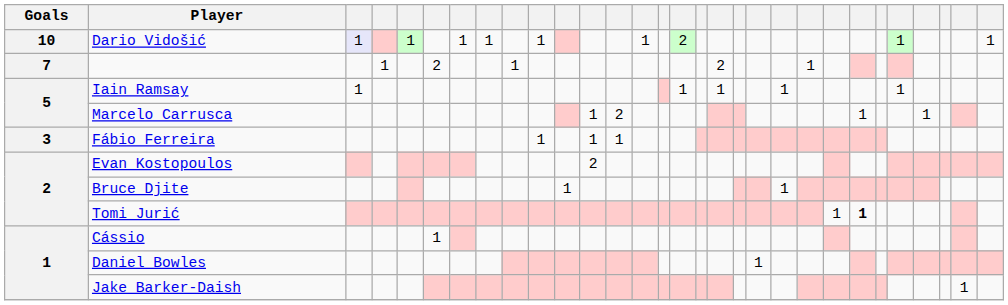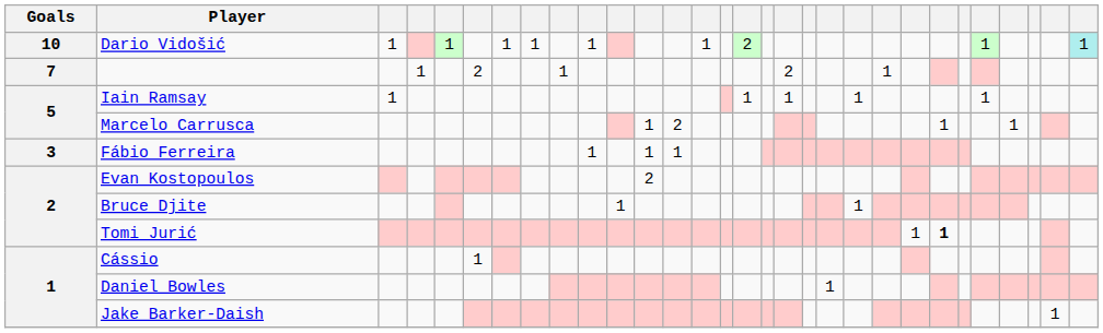 <table class="wikitable" style="text-align:center; font-size:90%;" width=800>
 <tr>
 <th>Goals</th>
 <th>Player</th>
 <th></th>
 <th></th>
 <th></th>
 <th></th>
 <th></th>
 <th></th>
 <th></th>
 <th></th>
 <th></th>
 <th></th>
 <th></th>
 <th></th>
 <th></th>
 <th></th>
 <th></th>
 <th></th>
 <th></th>
 <th></th>
 <th></th>
 <th></th>
 <th></th>
 <th></th>
 <th></th>
 <th></th>
 <th></th>
 <th></th>
 <th></th>
 <th></th>
 </tr>
 <tr>
 <th>10</th>
 <td align="left"> <a href='#'>Dario Vidošić</a></td>
-<td style="background: lavender;">1</td>
+<td>1</td>
 <td style="background:#fcc;"></td>
 <td style="background:#cfc;">1</td>
 <td></td>
 <td>1</td>
 <td>1</td>
 <td></td>
 <td>1</td>
 <td style="background:#fcc;"></td>
 <td></td>
 <td></td>
 <td>1</td>
 <td></td>
 <td style="background:#cfc;">2</td>
 <td></td>
 <td></td>
 <td></td>
 <td></td>
 <td></td>
 <td></td>
 <td></td>
 <td></td>
 <td></td>
 <td style="background:#cfc;">1</td>
 <td></td>
 <td></td>
 <td></td>
-<td>1</td>
+<td style="background: paleturquoise;">1</td>
 </tr>
 <tr>
 <th>7</th>
 <td align="left"></td>
 <td></td>
 <td>1</td>
 <td></td>
 <td>2</td>
 <td></td>
 <td></td>
 <td>1</td>
 <td></td>
 <td></td>
 <td></td>
 <td></td>
 <td></td>
 <td></td>
 <td></td>
 <td></td>
 <td>2</td>
 <td></td>
 <td></td>
 <td></td>
 <td>1</td>
 <td></td>
 <td style="background:#fcc;"></td>
 <td></td>
 <td style="background:#fcc;"></td>
 <td></td>
 <td></td>
 <td></td>
 <td></td>
 </tr>
 <tr>
 <th rowspan=2>5</th>
 <td align="left"> <a href='#'>Iain Ramsay</a></td>
 <td>1</td>
 <td></td>
 <td></td>
 <td></td>
 <td></td>
 <td></td>
 <td></td>
 <td></td>
 <td></td>
 <td></td>
 <td></td>
 <td></td>
 <td style="background:#fcc;"></td>
 <td>1</td>
 <td></td>
 <td>1</td>
 <td></td>
 <td></td>
 <td>1</td>
 <td></td>
 <td></td>
 <td></td>
 <td></td>
 <td>1</td>
 <td></td>
 <td></td>
 <td></td>
 <td></td>
 </tr>
 <tr>
 <td align="left"> <a href='#'>Marcelo Carrusca</a></td>
 <td></td>
 <td></td>
 <td></td>
 <td></td>
 <td></td>
 <td></td>
 <td></td>
 <td></td>
 <td style="background:#fcc;"></td>
 <td>1</td>
 <td>2</td>
 <td></td>
 <td></td>
 <td></td>
 <td></td>
 <td style="background:#fcc;"></td>
 <td style="background:#fcc;"></td>
 <td></td>
 <td></td>
 <td></td>
 <td></td>
 <td>1</td>
 <td></td>
 <td></td>
 <td>1</td>
 <td></td>
 <td style="background:#fcc;"></td>
 <td></td>
 </tr>
 <tr>
 <th>3</th>
 <td align="left"> <a href='#'>Fábio Ferreira</a></td>
 <td></td>
 <td></td>
 <td></td>
 <td></td>
 <td></td>
 <td></td>
 <td></td>
 <td>1</td>
 <td></td>
 <td>1</td>
 <td>1</td>
 <td></td>
 <td></td>
 <td></td>
 <td style="background:#fcc;"></td>
 <td style="background:#fcc;"></td>
 <td style="background:#fcc;"></td>
 <td style="background:#fcc;"></td>
 <td style="background:#fcc;"></td>
 <td style="background:#fcc;"></td>
 <td style="background:#fcc;"></td>
 <td style="background:#fcc;"></td>
 <td style="background:#fcc;"></td>
 <td></td>
 <td></td>
 <td></td>
 <td></td>
 <td></td>
 </tr>
 <tr>
 <th rowspan=3>2</th>
 <td align="left"> <a href='#'>Evan Kostopoulos</a></td>
 <td style="background:#fcc;"></td>
 <td></td>
 <td style="background:#fcc;"></td>
 <td style="background:#fcc;"></td>
 <td style="background:#fcc;"></td>
 <td></td>
 <td></td>
 <td></td>
 <td></td>
 <td>2</td>
 <td></td>
 <td></td>
 <td></td>
 <td></td>
 <td></td>
 <td></td>
 <td></td>
 <td></td>
 <td></td>
 <td></td>
 <td style="background:#fcc;"></td>
 <td></td>
 <td></td>
 <td style="background:#fcc;"></td>
 <td style="background:#fcc;"></td>
 <td style="background:#fcc;"></td>
 <td style="background:#fcc;"></td>
 <td style="background:#fcc;"></td>
 </tr>
 <tr>
 <td align="left"> <a href='#'>Bruce Djite</a></td>
 <td></td>
 <td></td>
 <td style="background:#fcc;"></td>
 <td></td>
 <td></td>
 <td></td>
 <td></td>
 <td></td>
 <td>1</td>
 <td></td>
 <td></td>
 <td></td>
 <td></td>
 <td></td>
 <td></td>
 <td></td>
 <td style="background:#fcc;"></td>
 <td style="background:#fcc;"></td>
 <td>1</td>
 <td style="background:#fcc;"></td>
 <td style="background:#fcc;"></td>
 <td style="background:#fcc;"></td>
 <td style="background:#fcc;"></td>
 <td style="background:#fcc;"></td>
 <td style="background:#fcc;"></td>
 <td></td>
 <td></td>
 <td></td>
 </tr>
 <tr>
 <td align="left"> <a href='#'>Tomi Jurić</a></td>
 <td style="background:#fcc;"></td>
 <td style="background:#fcc;"></td>
 <td style="background:#fcc;"></td>
 <td style="background:#fcc;"></td>
 <td style="background:#fcc;"></td>
 <td style="background:#fcc;"></td>
 <td style="background:#fcc;"></td>
 <td style="background:#fcc;"></td>
 <td style="background:#fcc;"></td>
 <td style="background:#fcc;"></td>
 <td style="background:#fcc;"></td>
 <td style="background:#fcc;"></td>
 <td style="background:#fcc;"></td>
 <td style="background:#fcc;"></td>
 <td style="background:#fcc;"></td>
 <td style="background:#fcc;"></td>
 <td style="background:#fcc;"></td>
 <td style="background:#fcc;"></td>
 <td style="background:#fcc;"></td>
 <td style="background:#fcc;"></td>
 <td>1</td>
 <td><strong>1</strong></td>
 <td></td>
 <td></td>
 <td></td>
 <td></td>
 <td style="background:#fcc;"></td>
 <td></td>
 </tr>
 <tr>
 <th rowspan=3>1</th>
 <td align="left"> <a href='#'>Cássio</a></td>
 <td></td>
 <td></td>
 <td></td>
 <td>1</td>
 <td style="background:#fcc;"></td>
 <td></td>
 <td></td>
 <td></td>
 <td></td>
 <td></td>
 <td></td>
 <td></td>
 <td></td>
 <td></td>
 <td></td>
 <td></td>
 <td></td>
 <td></td>
 <td></td>
 <td></td>
 <td style="background:#fcc;"></td>
 <td></td>
 <td></td>
 <td></td>
 <td></td>
 <td></td>
 <td style="background:#fcc;"></td>
 <td></td>
 </tr>
 <tr>
 <td align="left"> <a href='#'>Daniel Bowles</a></td>
 <td></td>
 <td></td>
 <td></td>
 <td></td>
 <td></td>
 <td></td>
 <td style="background:#fcc;"></td>
 <td style="background:#fcc;"></td>
 <td style="background:#fcc;"></td>
 <td style="background:#fcc;"></td>
 <td style="background:#fcc;"></td>
 <td style="background:#fcc;"></td>
 <td></td>
 <td></td>
 <td></td>
 <td></td>
 <td></td>
 <td>1</td>
 <td></td>
 <td></td>
 <td></td>
 <td style="background:#fcc;"></td>
 <td></td>
 <td style="background:#fcc;"></td>
 <td style="background:#fcc;"></td>
 <td style="background:#fcc;"></td>
 <td style="background:#fcc;"></td>
 <td style="background:#fcc;"></td>
 </tr>
 <tr>
 <td align="left"> <a href='#'>Jake Barker-Daish</a></td>
 <td></td>
 <td></td>
 <td></td>
 <td style="background:#fcc;"></td>
 <td style="background:#fcc;"></td>
 <td style="background:#fcc;"></td>
 <td style="background:#fcc;"></td>
 <td style="background:#fcc;"></td>
 <td style="background:#fcc;"></td>
 <td style="background:#fcc;"></td>
 <td style="background:#fcc;"></td>
 <td style="background:#fcc;"></td>
 <td style="background:#fcc;"></td>
 <td style="background:#fcc;"></td>
 <td style="background:#fcc;"></td>
 <td style="background:#fcc;"></td>
 <td></td>
 <td></td>
 <td></td>
 <td style="background:#fcc;"></td>
 <td style="background:#fcc;"></td>
 <td style="background:#fcc;"></td>
 <td style="background:#fcc;"></td>
 <td></td>
 <td></td>
 <td></td>
 <td>1</td>
 <td></td>
 </tr>
 <tr>
 </tr>
 </table>
